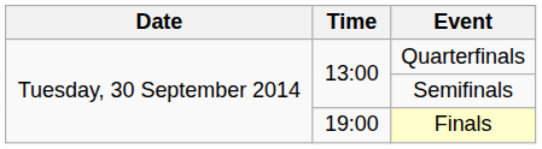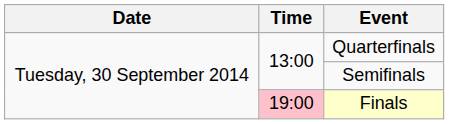 <table class = "wikitable" style="text-align:center;">
 <tr>
 <th width=220>Date</th>
 <th width=50>Time</th>
 <th width=100>Event</th>
 </tr>
 <tr>
 <td rowspan=3>Tuesday, 30 September 2014</td>
 <td rowspan=2>13:00</td>
 <td>Quarterfinals</td>
 </tr>
 <tr>
 <td>Semifinals</td>
 </tr>
 <tr>
-<td>19:00</td>
+<td style="background: pink;">19:00</td>
 <td bgcolor=ffffcc>Finals</td>
 </tr>
 </table>
